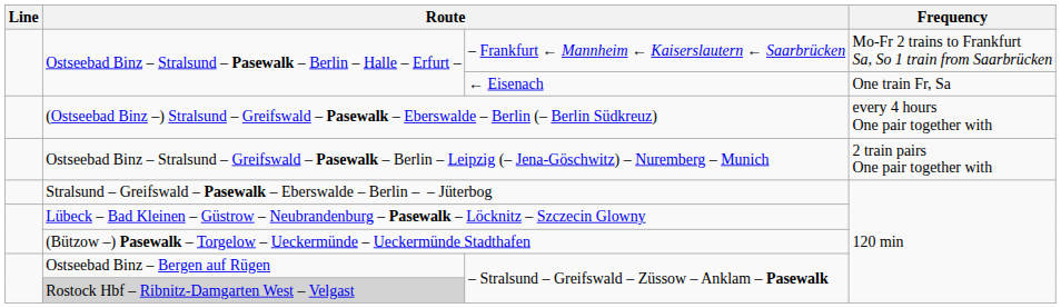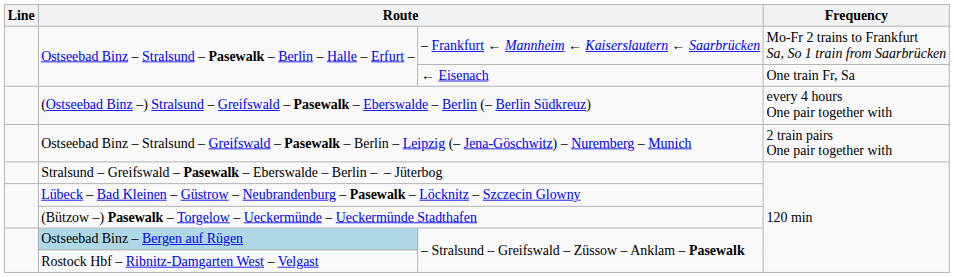 <table class="wikitable">
 <tr>
 <th>Line</th>
 <th colspan="2">Route</th>
 <th>Frequency</th>
 </tr>
 <tr>
 <td rowspan="2" style="text-align:center"></td>
 <td rowspan="2"><a href='#'>Ostseebad Binz</a> – <a href='#'>Stralsund</a> – <strong>Pasewalk</strong> – <a href='#'>Berlin</a> – <a href='#'>Halle</a> – <a href='#'>Erfurt</a> –</td>
 <td>– <a href='#'>Frankfurt</a> <em>← <a href='#'>Mannheim</a> ← <a href='#'>Kaiserslautern</a> ← <a href='#'>Saarbrücken</a></em></td>
 <td>Mo-Fr 2 trains to Frankfurt<br><em>Sa, So 1 train from Saarbrücken</em></td>
 </tr>
 <tr>
 <td>← <a href='#'>Eisenach</a></td>
 <td>One train Fr, Sa</td>
 </tr>
 <tr>
 <td style="text-align:center"></td>
 <td colspan="2">(<a href='#'>Ostseebad Binz</a> –) <a href='#'>Stralsund</a> – <a href='#'>Greifswald</a> – <strong>Pasewalk</strong> – <a href='#'>Eberswalde</a> – <a href='#'>Berlin</a> (– <a href='#'>Berlin Südkreuz</a>)</td>
 <td>every 4 hours<br>One pair together with </td>
 </tr>
 <tr>
 <td style="text-align:center"></td>
 <td colspan="2">Ostseebad Binz – Stralsund – <a href='#'>Greifswald</a> – <strong>Pasewalk</strong> – Berlin – <a href='#'>Leipzig</a> (– <a href='#'>Jena-Göschwitz</a>) – <a href='#'>Nuremberg</a> – <a href='#'>Munich</a></td>
 <td>2 train pairs<br>One pair together with </td>
 </tr>
 <tr>
 <td style="text-align:center"></td>
 <td colspan="2">Stralsund – Greifswald – <strong>Pasewalk</strong> – Eberswalde – Berlin –  – Jüterbog</td>
 <td rowspan="5">120 min</td>
 </tr>
 <tr>
 <td style="text-align:center" rowspan="2"></td>
 <td colspan="2"><a href='#'>Lübeck</a> – <a href='#'>Bad Kleinen</a> – <a href='#'>Güstrow</a> – <a href='#'>Neubrandenburg</a> – <strong>Pasewalk</strong> – <a href='#'>Löcknitz</a> – <a href='#'>Szczecin Glowny</a></td>
 </tr>
 <tr>
 <td colspan="2">(Bützow  –) <strong>Pasewalk</strong> – <a href='#'>Torgelow</a> – <a href='#'>Ueckermünde</a> – <a href='#'>Ueckermünde Stadthafen</a></td>
 </tr>
 <tr>
 <td rowspan="2"></td>
-<td>Ostseebad Binz – <a href='#'>Bergen auf Rügen</a></td>
+<td style="background: lightblue;">Ostseebad Binz – <a href='#'>Bergen auf Rügen</a></td>
 <td rowspan="2">– Stralsund – Greifswald – Züssow – Anklam – <strong>Pasewalk</strong></td>
 </tr>
 <tr>
-<td style="background: lightgrey;">Rostock Hbf – <a href='#'>Ribnitz-Damgarten West</a> – <a href='#'>Velgast</a></td>
+<td>Rostock Hbf – <a href='#'>Ribnitz-Damgarten West</a> – <a href='#'>Velgast</a></td>
 </tr>
 </table>
